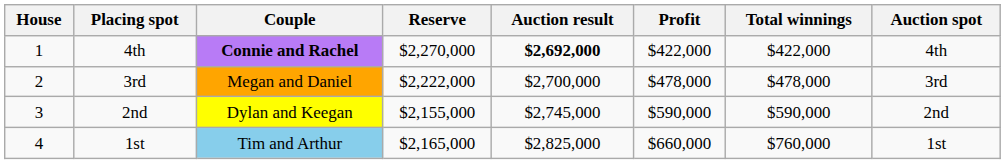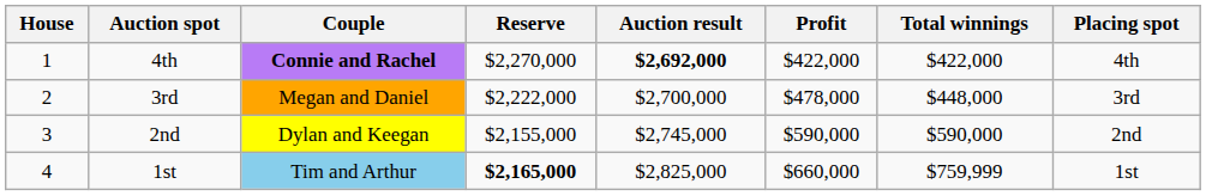 <table class="wikitable" style="text-align: center; font-size: 9pt; line-height:16px; width:80%">
 <tr>
 <th>House</th>
-<th>Placing spot</th>
+<th>Auction spot</th>
 <th>Couple</th>
 <th>Reserve</th>
 <th>Auction result</th>
 <th>Profit</th>
 <th>Total winnings</th>
-<th>Auction spot</th>
+<th>Placing spot</th>
 </tr>
 <tr>
 <td>1</td>
 <td>4th</td>
 <td style="background:#B87BF6; height:10px;"><strong>Connie and Rachel</strong></td>
 <td>$2,270,000</td>
 <td><strong>$2,692,000</strong></td>
 <td>$422,000</td>
 <td>$422,000</td>
 <td>4th</td>
 </tr>
 <tr>
 <td>2</td>
 <td>3rd</td>
 <td style="background:orange; height:10px;">Megan and Daniel</td>
 <td>$2,222,000</td>
 <td>$2,700,000</td>
 <td>$478,000</td>
-<td>$478,000</td>
+<td>$448,000</td>
 <td>3rd</td>
 </tr>
 <tr>
 <td>3</td>
 <td>2nd</td>
 <td style="background:yellow; height:10px;">Dylan and Keegan</td>
 <td>$2,155,000</td>
 <td>$2,745,000</td>
 <td>$590,000</td>
 <td>$590,000</td>
 <td>2nd</td>
 </tr>
 <tr>
 <td>4</td>
 <td>1st</td>
 <td style="background:skyblue; height:10px">Tim and Arthur</td>
-<td>$2,165,000</td>
+<td><strong>$2,165,000</strong></td>
 <td>$2,825,000</td>
 <td>$660,000</td>
-<td>$760,000</td>
+<td>$759,999</td>
 <td>1st</td>
 </tr>
 </table>
